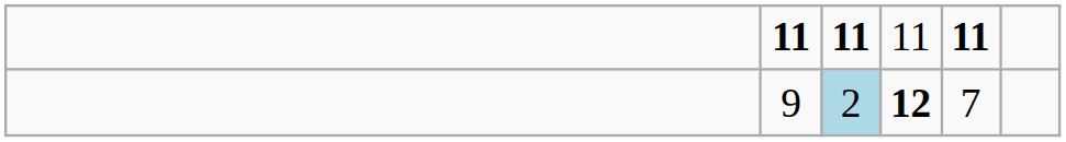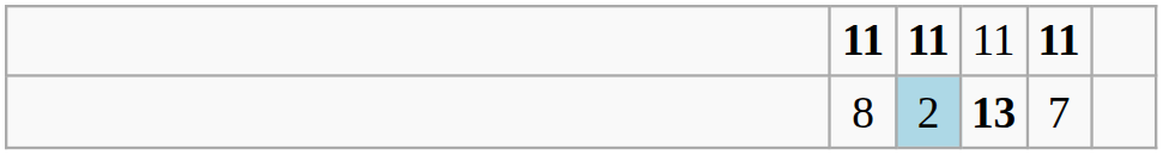 <table class="wikitable">
 <tr>
 <td style="width:18em"><strong></strong></td>
 <td align=center style="width:1em"><strong>11</strong></td>
 <td align=center style="width:1em"><strong>11</strong></td>
 <td align=center style="width:1em">11</td>
 <td align=center style="width:1em"><strong>11</strong></td>
 <td align=center style="width:1em"></td>
 </tr>
 <tr>
 <td style="width:18em"></td>
-<td align=center style="width:1em">9</td>
+<td align=center style="width:1em">8</td>
 <td align=center style="background: lightblue; width:1em">2</td>
-<td align=center style="width:1em"><strong>12</strong></td>
+<td align=center style="width:1em"><strong>13</strong></td>
 <td align=center style="width:1em">7</td>
 <td align=center style="width:1em"></td>
 </tr>
 </table>
